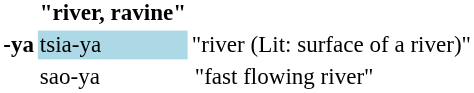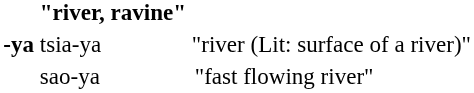 <table>
 <tr>
 <th rowspan="3">-ya</th>
 <th colspan="1">"river, ravine"</th>
 </tr>
 <tr>
-<td style="background: lightblue;">tsia-ya</td>
+<td>tsia-ya</td>
 <td colspan="3">"river (Lit: surface of a river)"</td>
 </tr>
 <tr>
 <td colspan="2">sao-ya</td>
 <td colspan="2">"fast flowing river"</td>
 </tr>
 </table>
